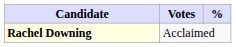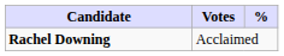 <table class="wikitable">
 <tr>
 <th style="background:#ddf; width:200px;">Candidate</th>
 <th style="background:#ddf; width:50px;">Votes</th>
 <th style="background:#ddf; width:30px;">%</th>
 </tr>
 <tr>
-<td style="background: lightyellow;"><strong>Rachel Downing</strong></td>
+<td><strong>Rachel Downing</strong></td>
 <td colspan="2">Acclaimed</td>
 </tr>
 </table>
